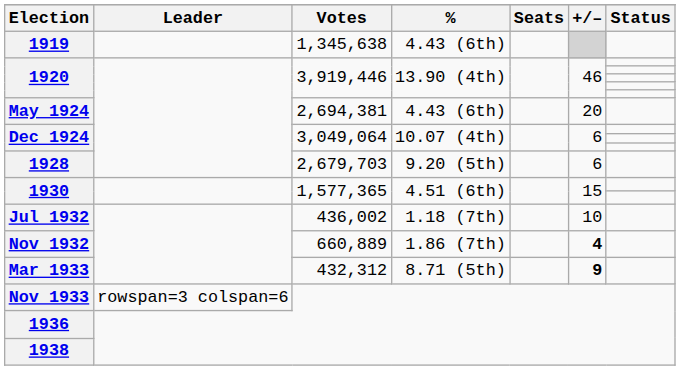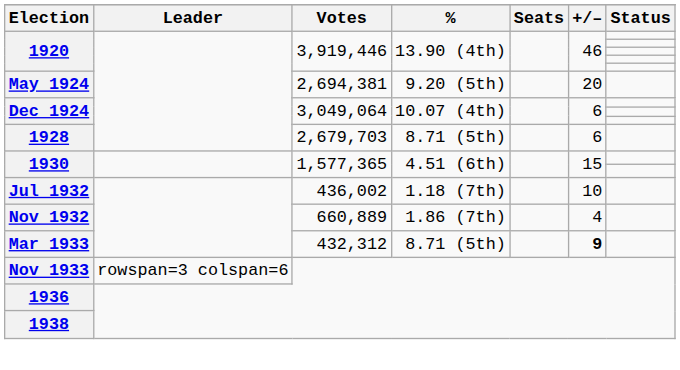 <table class="wikitable" style="font-size:97%; text-align:right;">
 <tr>
 </tr>
 <tr>
 <th>Election</th>
 <th>Leader</th>
 <th>Votes</th>
 <th>%</th>
 <th>Seats</th>
 <th>+/–</th>
 <th>Status</th>
-</tr>
-<tr>
-<th><a href='#'>1919</a></th>
-<td></td>
-<td>1,345,638</td>
-<td>4.43 (6th)</td>
-<td></td>
-<td bgcolor="lightgrey"></td>
-<td></td>
 </tr>
 <tr>
 <th rowspan=5><a href='#'>1920</a></th>
 <td rowspan=10></td>
 <td rowspan=5>3,919,446</td>
 <td rowspan=5>13.90 (4th)</td>
 <td rowspan=5></td>
 <td rowspan=5> 46</td>
 <td></td>
 </tr>
 <tr>
 <td></td>
 </tr>
 <tr>
 <td></td>
 </tr>
 <tr>
 <td></td>
 </tr>
 <tr>
 <td></td>
 </tr>
 <tr>
 <th><a href='#'>May 1924</a></th>
 <td>2,694,381</td>
-<td>4.43 (6th)</td>
+<td>9.20 (5th)</td>
 <td></td>
 <td> 20</td>
 <td></td>
 </tr>
 <tr>
 <th rowspan=3><a href='#'>Dec 1924</a></th>
 <td rowspan=3>3,049,064</td>
 <td rowspan=3>10.07 (4th)</td>
 <td rowspan=3></td>
 <td rowspan=3> 6</td>
 <td></td>
 </tr>
 <tr>
 <td></td>
 </tr>
 <tr>
 <td></td>
 </tr>
 <tr>
 <th><a href='#'>1928</a></th>
 <td>2,679,703</td>
-<td>9.20 (5th)</td>
+<td>8.71 (5th)</td>
 <td></td>
 <td> 6</td>
 <td></td>
 </tr>
 <tr>
 <th rowspan=2><a href='#'>1930</a></th>
 <td rowspan=2></td>
 <td rowspan=2>1,577,365</td>
 <td rowspan=2>4.51 (6th)</td>
 <td rowspan=2></td>
 <td rowspan=2> 15</td>
 <td></td>
 </tr>
 <tr>
 <td></td>
 </tr>
 <tr>
 <th><a href='#'>Jul 1932</a></th>
 <td rowspan=3></td>
 <td>436,002</td>
 <td>1.18 (7th)</td>
 <td></td>
 <td> 10</td>
 <td></td>
 </tr>
 <tr>
 <th><a href='#'>Nov 1932</a></th>
 <td>660,889</td>
 <td>1.86 (7th)</td>
 <td></td>
-<td><strong> 4</strong></td>
+<td> 4</td>
 <td></td>
 </tr>
 <tr>
 <th><a href='#'>Mar 1933</a></th>
 <td>432,312</td>
 <td>8.71 (5th)</td>
 <td></td>
 <td><strong> 9</strong></td>
 <td></td>
 </tr>
 <tr>
 <th><a href='#'>Nov 1933</a></th>
 <td>rowspan=3 colspan=6</td>
 </tr>
 <tr>
 <th><a href='#'>1936</a></th>
 </tr>
 <tr>
 <th><a href='#'>1938</a></th>
 </tr>
 </table>
